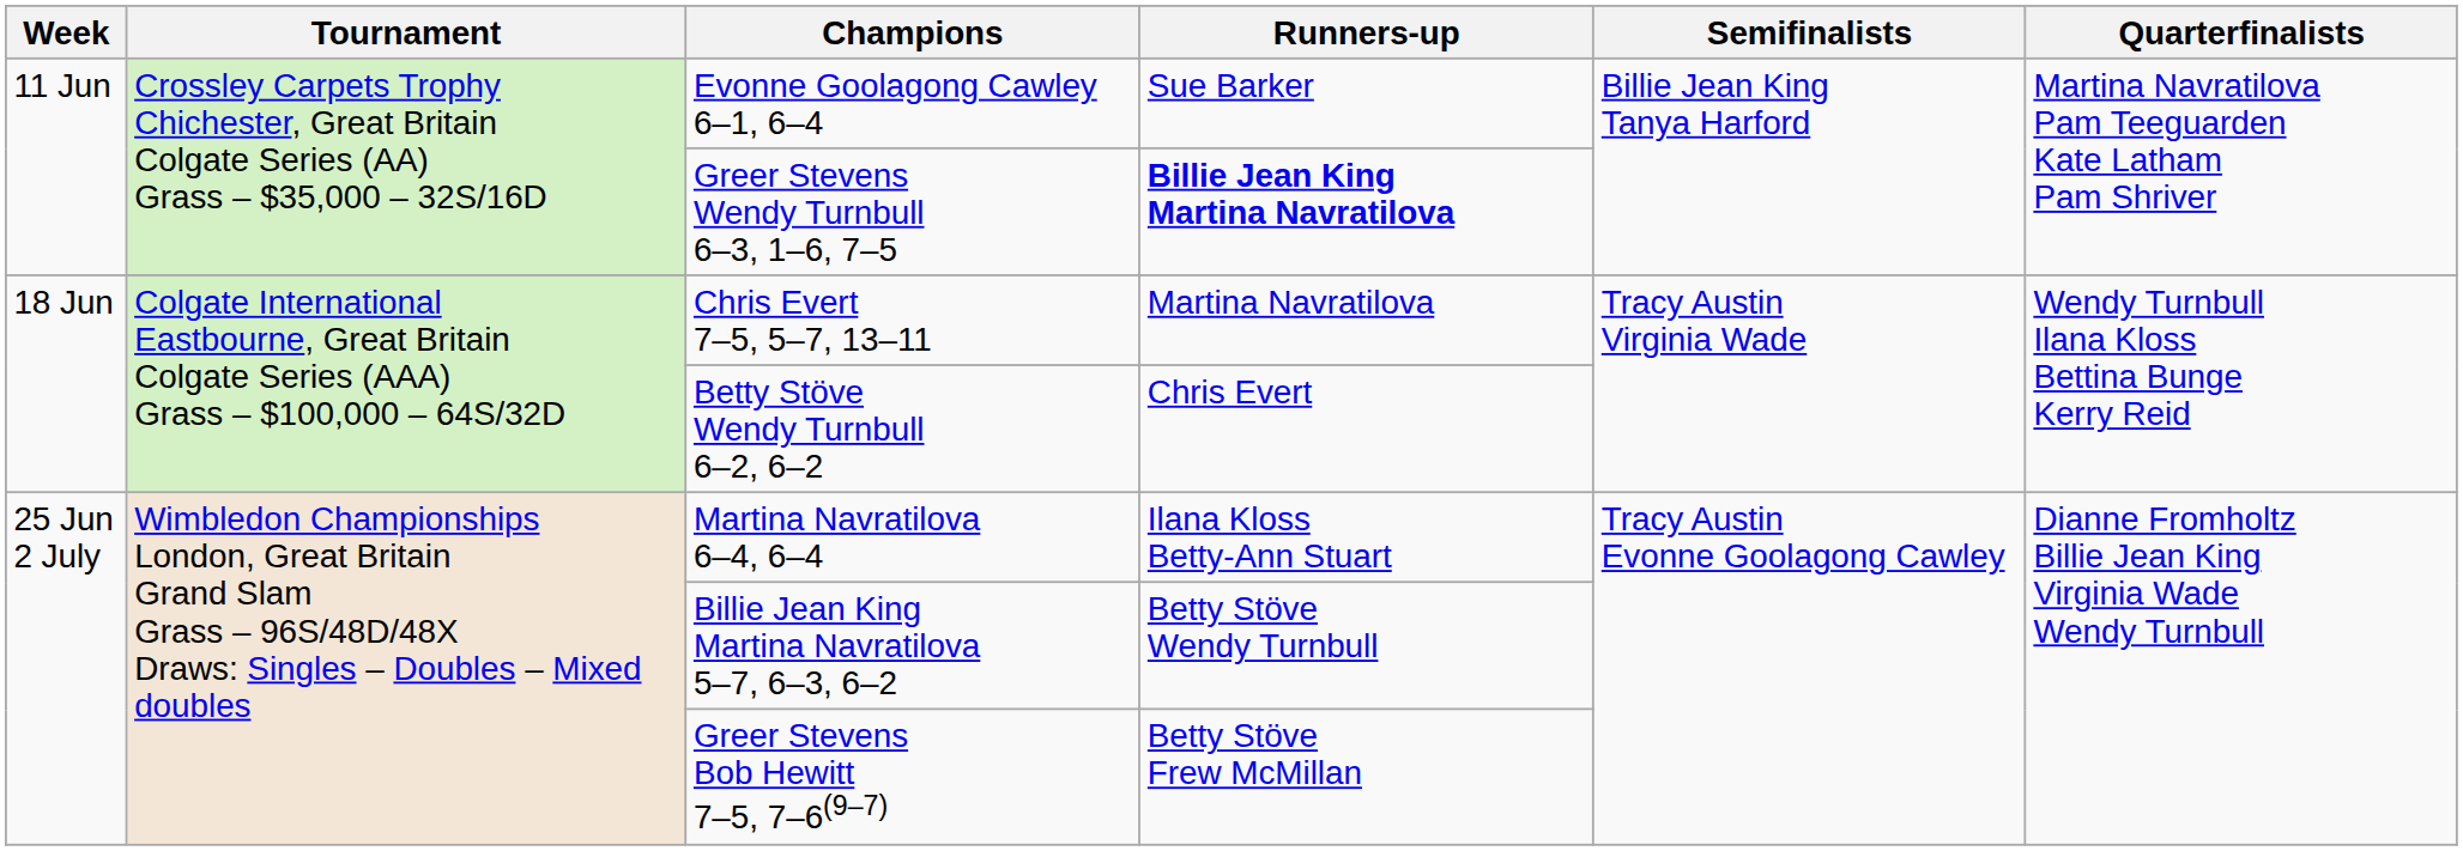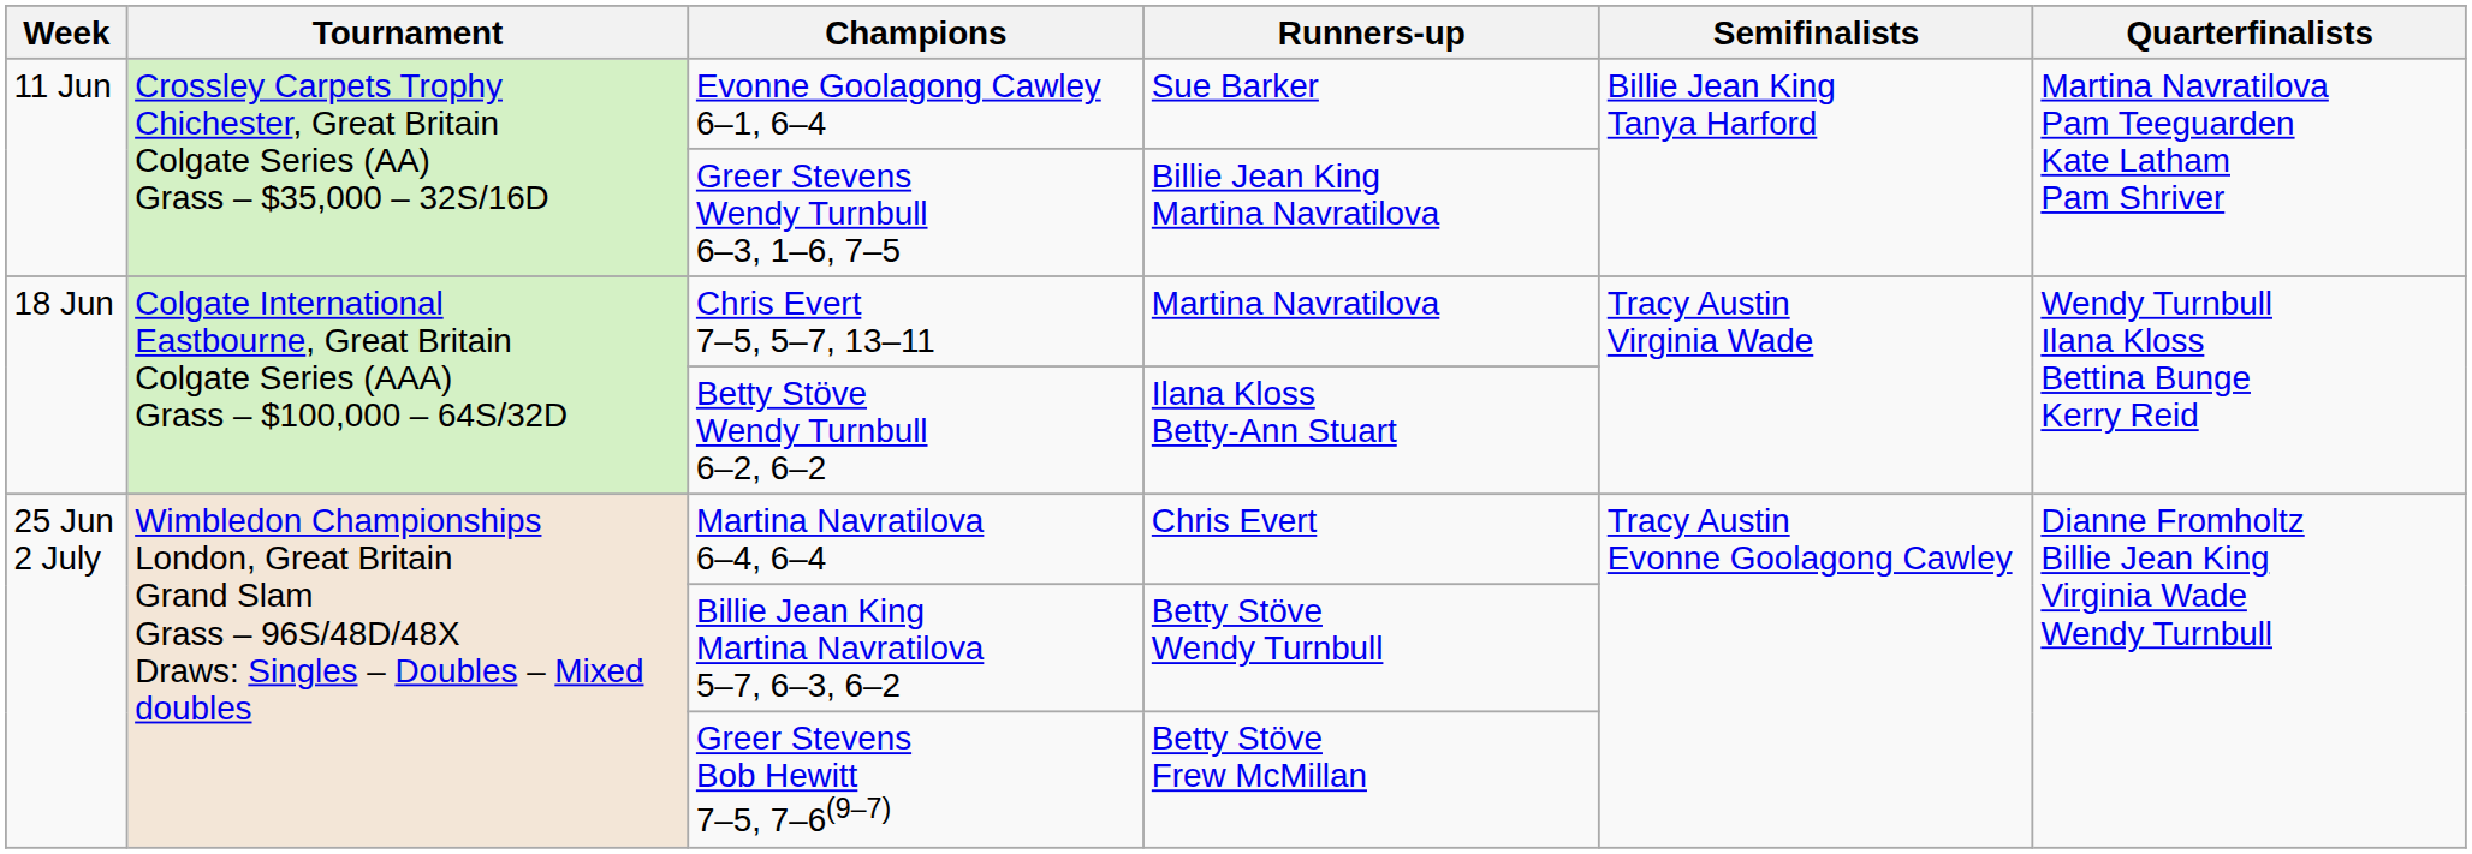 <table class=wikitable style=font-size:95%>
 <tr>
 <th style="width:48px;">Week</th>
 <th style="width:248px;">Tournament</th>
 <th style="width:200px;">Champions</th>
 <th style="width:200px;">Runners-up</th>
 <th style="width:190px;">Semifinalists</th>
 <th style="width:190px;">Quarterfinalists</th>
 </tr>
 <tr valign=top>
 <td rowspan=2>11 Jun</td>
 <td style="background:#D4F1C5;" rowspan="2"><a href='#'>Crossley Carpets Trophy</a><br> <a href='#'>Chichester</a>, Great Britain<br>Colgate Series (AA)<br>Grass – $35,000 – 32S/16D</td>
 <td> <a href='#'>Evonne Goolagong Cawley</a><br>6–1, 6–4</td>
 <td> <a href='#'>Sue Barker</a></td>
 <td rowspan=2> <a href='#'>Billie Jean King</a><br> <a href='#'>Tanya Harford</a></td>
 <td rowspan=2> <a href='#'>Martina Navratilova</a><br> <a href='#'>Pam Teeguarden</a><br> <a href='#'>Kate Latham</a><br> <a href='#'>Pam Shriver</a></td>
 </tr>
 <tr valign=top>
 <td> <a href='#'>Greer Stevens</a><br>  <a href='#'>Wendy Turnbull</a><br>6–3, 1–6, 7–5</td>
-<td><strong> <a href='#'>Billie Jean King</a><br>  <a href='#'>Martina Navratilova</a></strong></td>
+<td> <a href='#'>Billie Jean King</a><br>  <a href='#'>Martina Navratilova</a></td>
 </tr>
 <tr valign=top>
 <td rowspan=2>18 Jun</td>
 <td style="background:#D4F1C5;" rowspan="2"><a href='#'>Colgate International</a><br> <a href='#'>Eastbourne</a>, Great Britain<br>Colgate Series (AAA)<br>Grass – $100,000 – 64S/32D</td>
 <td> <a href='#'>Chris Evert</a><br>7–5, 5–7, 13–11</td>
 <td> <a href='#'>Martina Navratilova</a></td>
 <td rowspan=2> <a href='#'>Tracy Austin</a><br> <a href='#'>Virginia Wade</a></td>
 <td rowspan=2> <a href='#'>Wendy Turnbull</a><br> <a href='#'>Ilana Kloss</a><br> <a href='#'>Bettina Bunge</a><br> <a href='#'>Kerry Reid</a></td>
 </tr>
 <tr valign=top>
 <td> <a href='#'>Betty Stöve</a><br> <a href='#'>Wendy Turnbull</a><br> 6–2, 6–2</td>
-<td> <a href='#'>Chris Evert</a></td>
+<td> <a href='#'>Ilana Kloss</a><br>  <a href='#'>Betty-Ann Stuart</a></td>
 </tr>
 <tr valign=top>
 <td rowspan=3>25 Jun<br>2 July</td>
 <td style="background:#F3E6D7;" rowspan="3"><a href='#'>Wimbledon Championships</a><br> London, Great Britain<br>Grand Slam<br>Grass – 96S/48D/48X<br>Draws: <a href='#'>Singles</a> – <a href='#'>Doubles</a> – <a href='#'>Mixed doubles</a></td>
 <td> <a href='#'>Martina Navratilova</a><br>6–4, 6–4</td>
-<td> <a href='#'>Ilana Kloss</a><br>  <a href='#'>Betty-Ann Stuart</a></td>
+<td> <a href='#'>Chris Evert</a></td>
 <td rowspan=3> <a href='#'>Tracy Austin</a><br> <a href='#'>Evonne Goolagong Cawley</a></td>
 <td rowspan=3> <a href='#'>Dianne Fromholtz</a><br> <a href='#'>Billie Jean King</a><br> <a href='#'>Virginia Wade</a><br> <a href='#'>Wendy Turnbull</a></td>
 </tr>
 <tr valign=top>
 <td> <a href='#'>Billie Jean King</a><br>  <a href='#'>Martina Navratilova</a><br> 5–7, 6–3, 6–2</td>
 <td> <a href='#'>Betty Stöve</a><br> <a href='#'>Wendy Turnbull</a></td>
 </tr>
 <tr valign=top>
 <td> <a href='#'>Greer Stevens</a><br>  <a href='#'>Bob Hewitt</a><br> 7–5, 7–6<sup>(9–7)</sup></td>
 <td> <a href='#'>Betty Stöve</a><br>  <a href='#'>Frew McMillan</a></td>
 </tr>
 </table>
